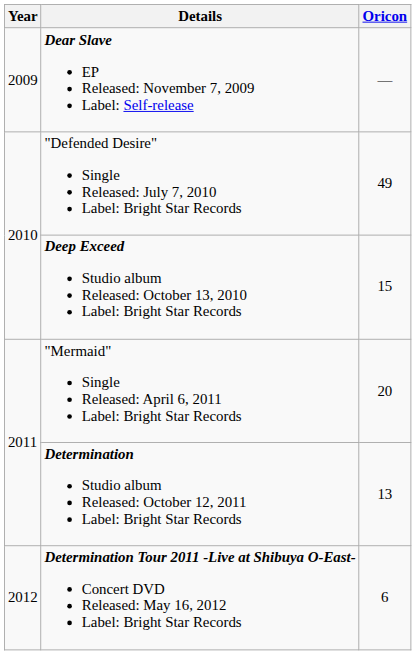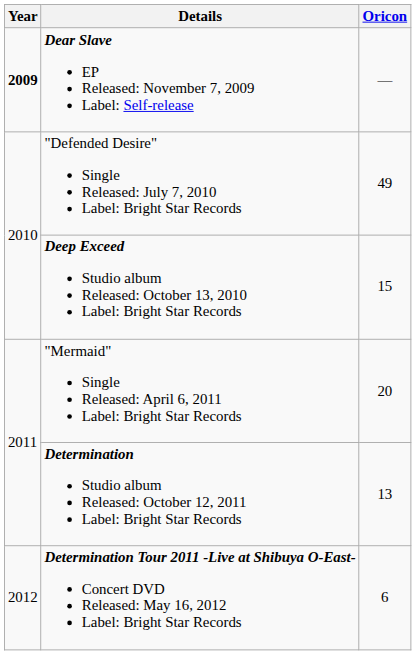 <table class="wikitable">
 <tr>
 <th>Year</th>
 <th>Details</th>
 <th><a href='#'>Oricon</a></th>
 </tr>
 <tr>
-<td>2009</td>
+<td><strong>2009</strong></td>
 <td><strong><em>Dear Slave</em></strong><br><ul><li>EP</li><li>Released: November 7, 2009</li><li>Label: <a href='#'>Self-release</a></li></ul></td>
 <td align="center">—</td>
 </tr>
 <tr>
 <td rowspan="2">2010</td>
 <td>"Defended Desire"<br><ul><li>Single</li><li>Released: July 7, 2010</li><li>Label: Bright Star Records</li></ul></td>
 <td align="center">49</td>
 </tr>
 <tr>
 <td><strong><em>Deep Exceed</em></strong><br><ul><li>Studio album</li><li>Released: October 13, 2010</li><li>Label: Bright Star Records</li></ul></td>
 <td align="center">15</td>
 </tr>
 <tr>
 <td rowspan="2">2011</td>
 <td>"Mermaid"<br><ul><li>Single</li><li>Released: April 6, 2011</li><li>Label: Bright Star Records</li></ul></td>
 <td align="center">20</td>
 </tr>
 <tr>
 <td><strong><em>Determination</em></strong><br><ul><li>Studio album</li><li>Released: October 12, 2011</li><li>Label: Bright Star Records</li></ul></td>
 <td align="center">13</td>
 </tr>
 <tr>
 <td>2012</td>
 <td><strong><em>Determination Tour 2011 -Live at Shibuya O-East-</em></strong><br><ul><li>Concert DVD</li><li>Released: May 16, 2012</li><li>Label: Bright Star Records</li></ul></td>
 <td align="center">6</td>
 </tr>
 </table>
